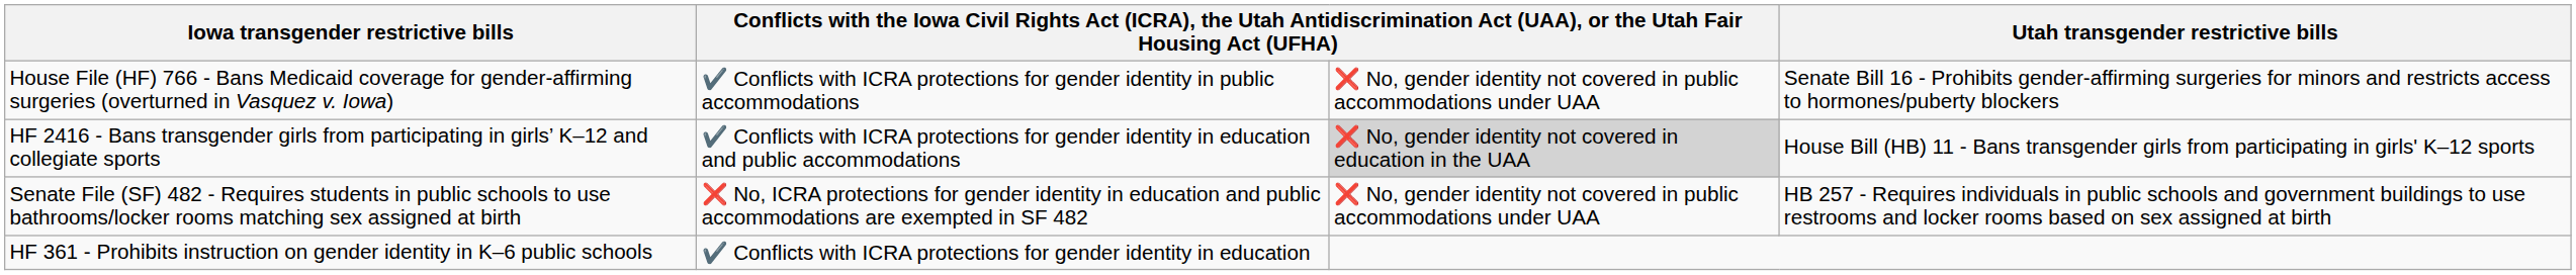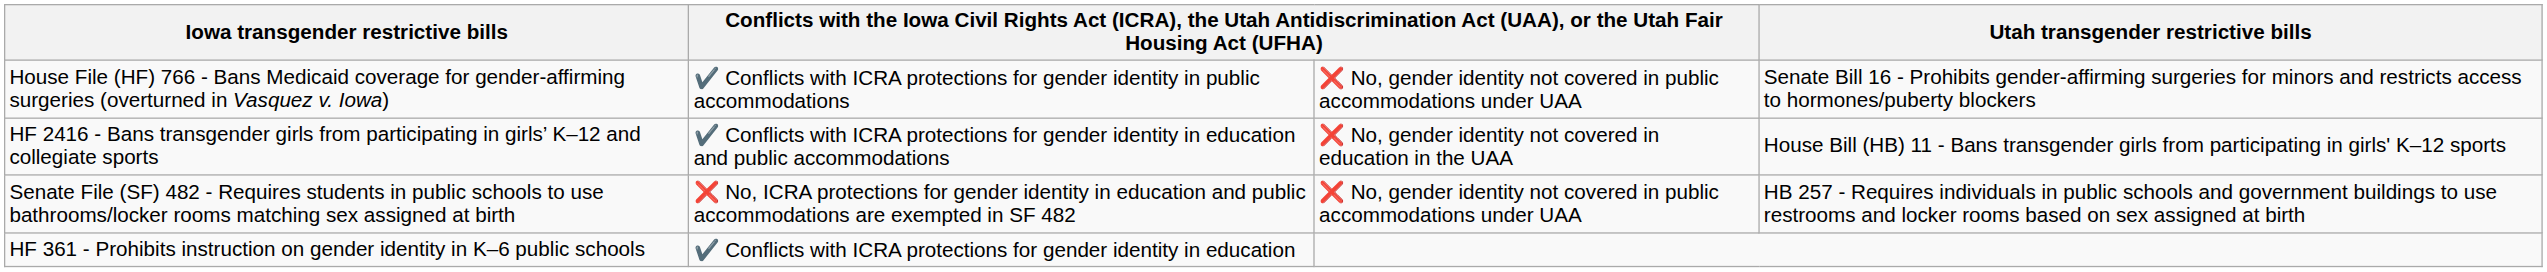 <table class="wikitable">
 <tr>
 <th>Iowa transgender restrictive bills</th>
 <th colspan=2>Conflicts with the Iowa Civil Rights Act (ICRA), the Utah Antidiscrimination Act (UAA), or the Utah Fair Housing Act (UFHA)</th>
 <th>Utah transgender restrictive bills</th>
 </tr>
 <tr>
 <td>House File (HF) 766 - Bans Medicaid coverage for gender-affirming surgeries (overturned in <em>Vasquez v. Iowa</em>)</td>
 <td>✔️ Conflicts with ICRA protections for gender identity in public accommodations</td>
 <td>❌ No, gender identity not covered in public accommodations under UAA</td>
 <td>Senate Bill 16 - Prohibits gender-affirming surgeries for minors and restricts access to hormones/puberty blockers</td>
 </tr>
 <tr>
 <td>HF 2416 - Bans transgender girls from participating in girls’ K–12 and collegiate sports</td>
 <td>✔️ Conflicts with ICRA protections for gender identity in education and public accommodations</td>
-<td style="background: lightgrey;">❌ No, gender identity not covered in education in the UAA</td>
+<td>❌ No, gender identity not covered in education in the UAA</td>
 <td>House Bill (HB) 11 - Bans transgender girls from participating in girls' K–12 sports</td>
 </tr>
 <tr>
 <td>Senate File (SF) 482 - Requires students in public schools to use bathrooms/locker rooms matching sex assigned at birth</td>
 <td>❌ No, ICRA protections for gender identity in education and public accommodations are exempted in SF 482</td>
 <td>❌ No, gender identity not covered in public accommodations under UAA</td>
 <td>HB 257 - Requires individuals in public schools and government buildings to use restrooms and locker rooms based on sex assigned at birth</td>
 </tr>
 <tr>
 <td>HF 361 - Prohibits instruction on gender identity in K–6 public schools</td>
 <td>✔️ Conflicts with ICRA protections for gender identity in education</td>
 </tr>
 </table>
